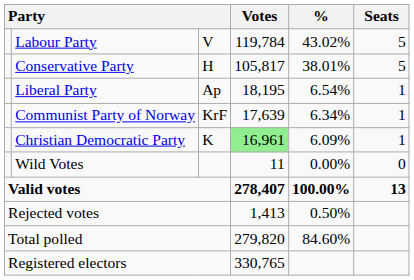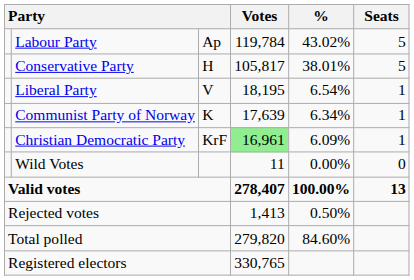 <table class="wikitable" border="1" style="text-align:right;">
 <tr>
 <th style="text-align:left;" colspan=3>Party</th>
 <th align=center width="50">Votes</th>
 <th align=center width="50">%</th>
 <th align=center width="50">Seats</th>
 </tr>
 <tr>
 <td style="color:inherit;background:"></td>
 <td align=left><a href='#'>Labour Party</a></td>
-<td align=left>V</td>
+<td align=left>Ap</td>
 <td>119,784</td>
 <td>43.02%</td>
 <td>5</td>
 </tr>
 <tr>
 <td style="color:inherit;background:"></td>
 <td align=left><a href='#'>Conservative Party</a></td>
 <td align=left>H</td>
 <td>105,817</td>
 <td>38.01%</td>
 <td>5</td>
 </tr>
 <tr>
 <td style="color:inherit;background:"></td>
 <td align=left><a href='#'>Liberal Party</a></td>
-<td align=left>Ap</td>
+<td align=left>V</td>
 <td>18,195</td>
 <td>6.54%</td>
 <td>1</td>
 </tr>
 <tr>
 <td style="color:inherit;background:"></td>
 <td align=left><a href='#'>Communist Party of Norway</a></td>
-<td align=left>KrF</td>
+<td align=left>K</td>
 <td>17,639</td>
 <td>6.34%</td>
 <td>1</td>
 </tr>
 <tr>
 <td style="color:inherit;background:"></td>
 <td align=left><a href='#'>Christian Democratic Party</a></td>
-<td align=left>K</td>
+<td align=left>KrF</td>
 <td style="background: lightgreen;">16,961</td>
 <td>6.09%</td>
 <td>1</td>
 </tr>
 <tr>
 <td></td>
 <td align=left>Wild Votes</td>
 <td align=left></td>
 <td>11</td>
 <td>0.00%</td>
 <td>0</td>
 </tr>
 <tr style="font-weight:bold">
 <td align=left colspan=3>Valid votes</td>
 <td>278,407</td>
 <td>100.00%</td>
 <td>13</td>
 </tr>
 <tr>
 <td align=left colspan=3>Rejected votes</td>
 <td>1,413</td>
 <td>0.50%</td>
 <td></td>
 </tr>
 <tr>
 <td align=left colspan=3>Total polled</td>
 <td>279,820</td>
 <td>84.60%</td>
 <td></td>
 </tr>
 <tr>
 <td align=left colspan=3>Registered electors</td>
 <td>330,765</td>
 <td></td>
 <td></td>
 </tr>
 </table>
